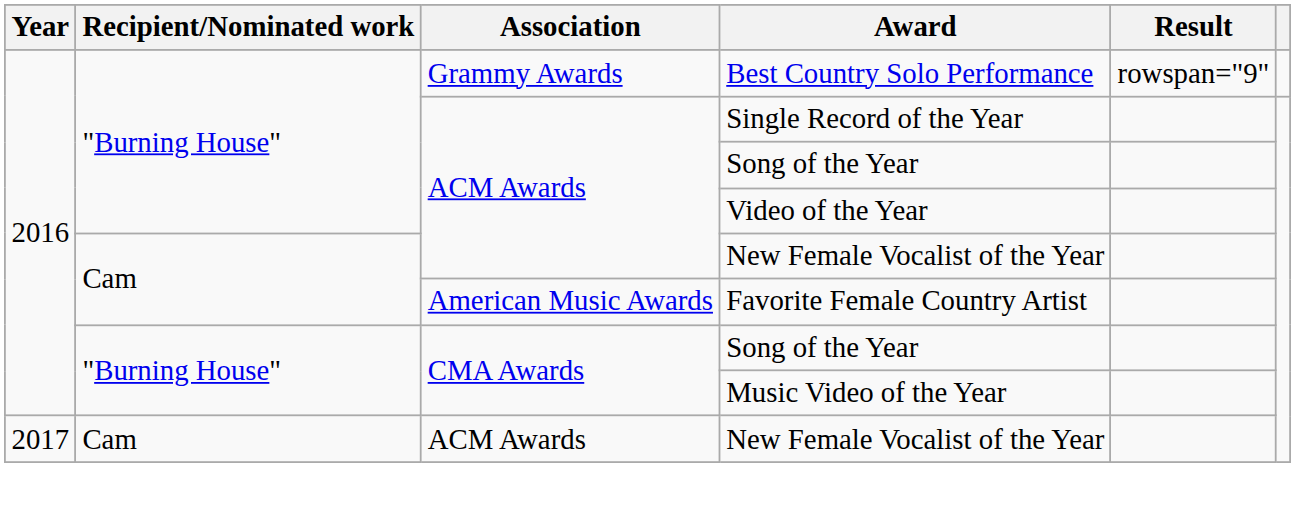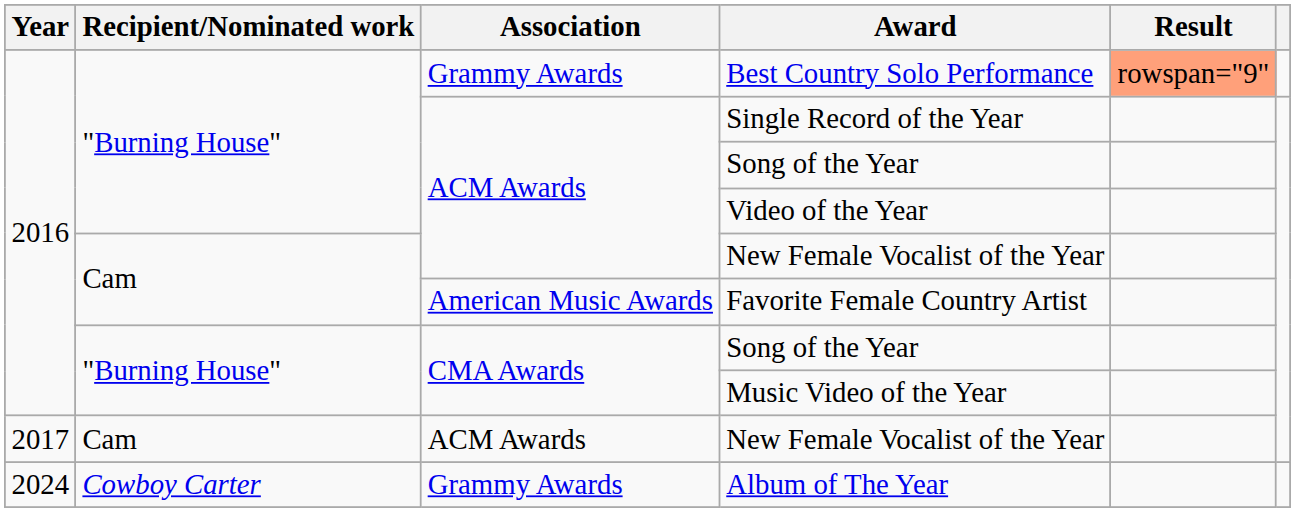 <table class="wikitable plainrowheaders">
 <tr>
 <th>Year</th>
 <th>Recipient/Nominated work</th>
 <th>Association</th>
 <th>Award</th>
 <th>Result</th>
 <th></th>
 </tr>
 <tr>
 <td rowspan="8">2016</td>
 <td rowspan="4">"<a href='#'>Burning House</a>"</td>
 <td><a href='#'>Grammy Awards</a></td>
 <td><a href='#'>Best Country Solo Performance</a></td>
-<td>rowspan="9" </td>
+<td style="background: lightsalmon;">rowspan="9" </td>
 <td></td>
 </tr>
 <tr>
 <td rowspan="4"><a href='#'>ACM Awards</a></td>
 <td>Single Record of the Year</td>
 <td></td>
 </tr>
 <tr>
 <td>Song of the Year</td>
 <td></td>
 </tr>
 <tr>
 <td>Video of the Year</td>
 <td></td>
 </tr>
 <tr>
 <td rowspan="2">Cam</td>
 <td>New Female Vocalist of the Year</td>
 <td></td>
 </tr>
 <tr>
 <td><a href='#'>American Music Awards</a></td>
 <td>Favorite Female Country Artist</td>
 <td></td>
 </tr>
 <tr>
 <td rowspan="2">"<a href='#'>Burning House</a>"</td>
 <td rowspan=2><a href='#'>CMA Awards</a></td>
 <td>Song of the Year</td>
 <td></td>
 </tr>
 <tr>
 <td>Music Video of the Year</td>
 <td></td>
 </tr>
 <tr>
 <td>2017</td>
 <td>Cam</td>
 <td>ACM Awards</td>
 <td>New Female Vocalist of the Year</td>
 <td></td>
 </tr>
+<tr>
+<td>2024</td>
+<td><em><a href='#'>Cowboy Carter</a></em></td>
+<td><a href='#'>Grammy Awards</a></td>
+<td><a href='#'>Album of The Year</a></td>
+<td></td>
+<td></td>
+</tr>
 </table>
